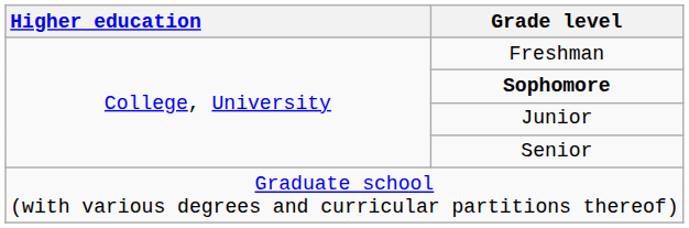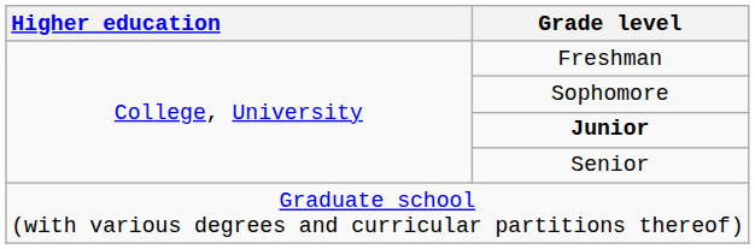 <table class="wikitable sortable mw-collapsible mw-collapsed" style="margin:auto;text-align:center;">
 <tr>
 <th ="3" style="text-align:left;"><a href='#'>Higher education</a></th>
 <th>Grade level</th>
 </tr>
 <tr>
 <td rowspan="4"><a href='#'>College</a>, <a href='#'>University</a></td>
 <td>Freshman</td>
 </tr>
 <tr>
-<td><strong>Sophomore</strong></td>
+<td>Sophomore</td>
 </tr>
 <tr>
-<td>Junior</td>
+<td><strong>Junior</strong></td>
 </tr>
 <tr>
 <td>Senior</td>
 </tr>
 <tr>
 <td colspan="2"><a href='#'>Graduate school</a><br>(with various degrees and curricular partitions thereof)</td>
 </tr>
 </table>
